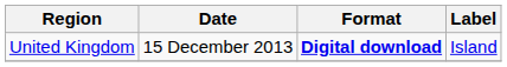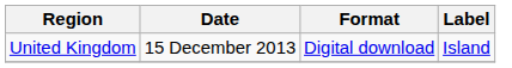 <table class=wikitable>
 <tr>
 <th>Region</th>
 <th>Date</th>
 <th>Format</th>
 <th>Label</th>
 </tr>
 <tr>
 <td><a href='#'>United Kingdom</a></td>
 <td>15 December 2013</td>
-<td><strong><a href='#'>Digital download</a></strong></td>
+<td><a href='#'>Digital download</a></td>
 <td><a href='#'>Island</a></td>
 </tr>
 <tr>
 </tr>
 </table>
